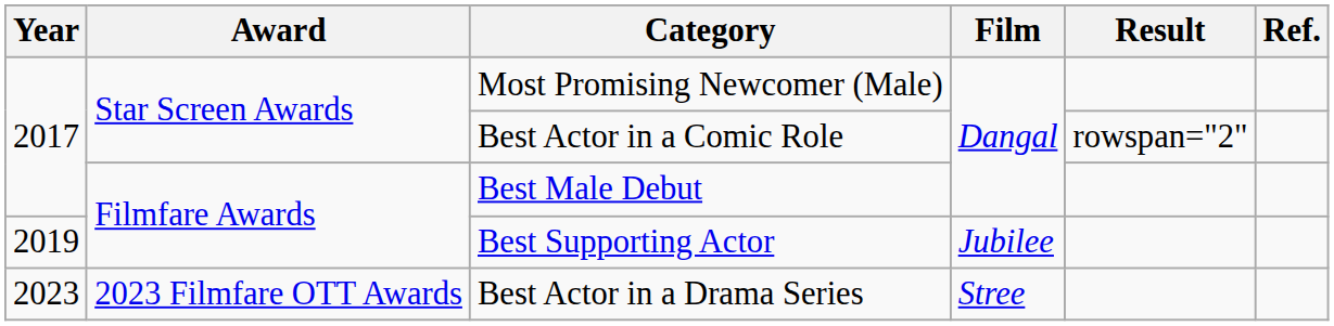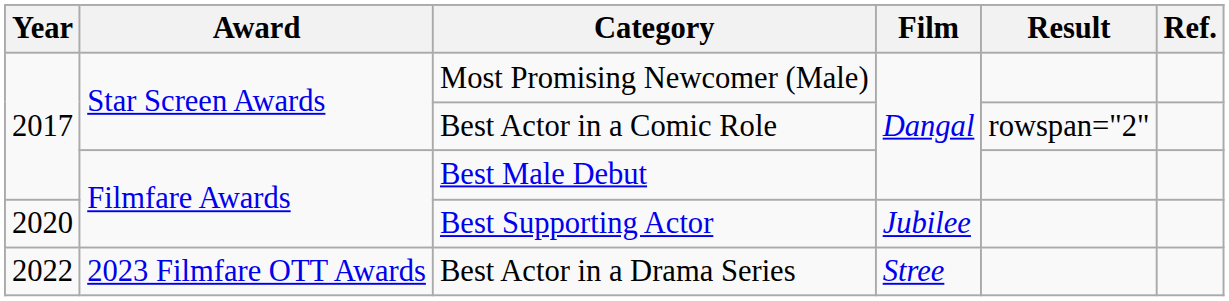 <table class="wikitable sortable">
 <tr>
 <th>Year</th>
 <th>Award</th>
 <th>Category</th>
 <th>Film</th>
 <th>Result</th>
 <th>Ref.</th>
 </tr>
 <tr>
 <td rowspan="3">2017</td>
 <td rowspan="2"><a href='#'>Star Screen Awards</a></td>
 <td>Most Promising Newcomer (Male)</td>
 <td rowspan="3"><em><a href='#'>Dangal</a></em></td>
 <td></td>
 <td></td>
 </tr>
 <tr>
 <td>Best Actor in a Comic Role</td>
 <td>rowspan="2" </td>
 <td></td>
 </tr>
 <tr>
 <td rowspan="2"><a href='#'>Filmfare Awards</a></td>
 <td><a href='#'>Best Male Debut</a></td>
 <td></td>
 </tr>
 <tr>
-<td>2019</td>
+<td>2020</td>
 <td><a href='#'>Best Supporting Actor</a></td>
 <td><em><a href='#'>Jubilee</a></em></td>
 <td></td>
 <td></td>
 </tr>
 <tr>
-<td>2023</td>
+<td>2022</td>
 <td><a href='#'>2023 Filmfare OTT Awards</a></td>
 <td>Best Actor in a Drama Series</td>
 <td><em><a href='#'>Stree</a></em></td>
 <td></td>
 <td></td>
 </tr>
 </table>
